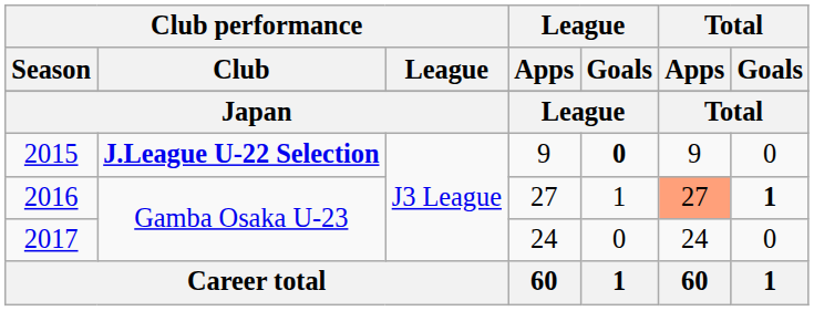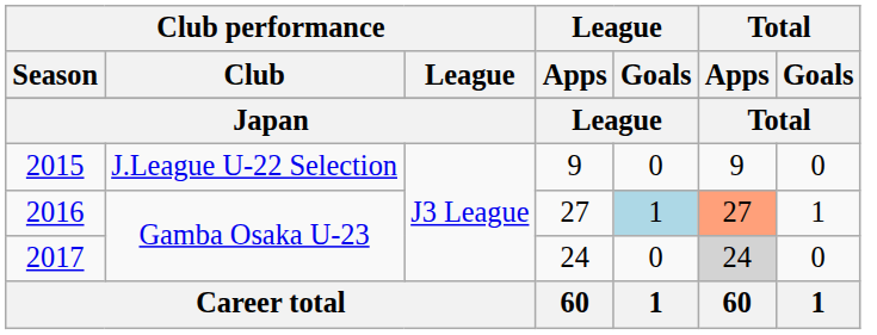 <table class="wikitable" style="text-align:center">
 <tr>
 <th colspan=3>Club performance</th>
 <th colspan=2>League</th>
 <th colspan=2>Total</th>
 </tr>
 <tr>
 <th>Season</th>
 <th>Club</th>
 <th>League</th>
 <th>Apps</th>
 <th>Goals</th>
 <th>Apps</th>
 <th>Goals</th>
 </tr>
 <tr>
 </tr>
 <tr>
 <th colspan=3>Japan</th>
 <th colspan=2>League</th>
 <th colspan=2>Total</th>
 </tr>
 <tr>
 <td><a href='#'>2015</a></td>
-<td><strong><a href='#'>J.League U-22 Selection</a></strong></td>
+<td><a href='#'>J.League U-22 Selection</a></td>
 <td rowspan="3"><a href='#'>J3 League</a></td>
 <td>9</td>
-<td><strong>0</strong></td>
+<td>0</td>
 <td>9</td>
 <td>0</td>
 </tr>
 <tr>
 <td><a href='#'>2016</a></td>
 <td rowspan="2"><a href='#'>Gamba Osaka U-23</a></td>
 <td>27</td>
+<td style="background: lightblue;">1</td>
+<td style="background: lightsalmon;">27</td>
 <td>1</td>
-<td style="background: lightsalmon;">27</td>
-<td><strong>1</strong></td>
 </tr>
 <tr>
 <td><a href='#'>2017</a></td>
 <td>24</td>
 <td>0</td>
-<td>24</td>
+<td style="background: lightgrey;">24</td>
 <td>0</td>
 </tr>
 <tr>
 <th colspan=3>Career total</th>
 <th>60</th>
 <th>1</th>
 <th>60</th>
 <th>1</th>
 </tr>
 </table>
